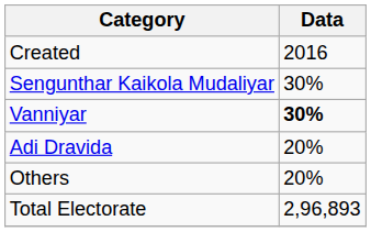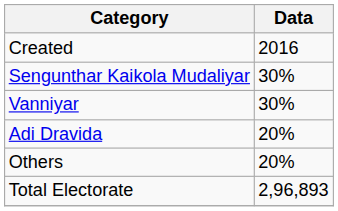 <table class="wikitable" border="1"; width:300px">
 <tr>
 <th>Category</th>
 <th>Data</th>
 </tr>
 <tr>
 <td>Created</td>
 <td>2016</td>
 </tr>
 <tr>
 <td><a href='#'>Sengunthar Kaikola Mudaliyar</a></td>
 <td>30%</td>
 </tr>
 <tr>
 <td><a href='#'>Vanniyar</a></td>
-<td><strong>30%</strong></td>
+<td>30%</td>
 </tr>
 <tr>
 <td><a href='#'>Adi Dravida</a></td>
 <td>20%</td>
 </tr>
 <tr>
 <td>Others</td>
 <td>20%</td>
 </tr>
 <tr>
 <td>Total Electorate</td>
 <td>2,96,893</td>
 </tr>
 <tr>
 </tr>
 </table>
